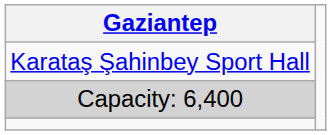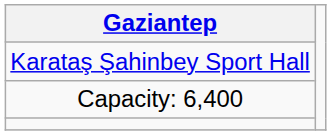 <table class="wikitable" style="text-align:center; margin: 1em auto;">
 <tr>
 <th><a href='#'>Gaziantep</a></th>
 <td rowspan=4></td>
 </tr>
 <tr>
 <td><a href='#'>Karataş Şahinbey Sport Hall</a></td>
 </tr>
 <tr>
-<td style="background: lightgrey;">Capacity: 6,400</td>
+<td>Capacity: 6,400</td>
 </tr>
 <tr>
 <td></td>
 </tr>
 </table>
